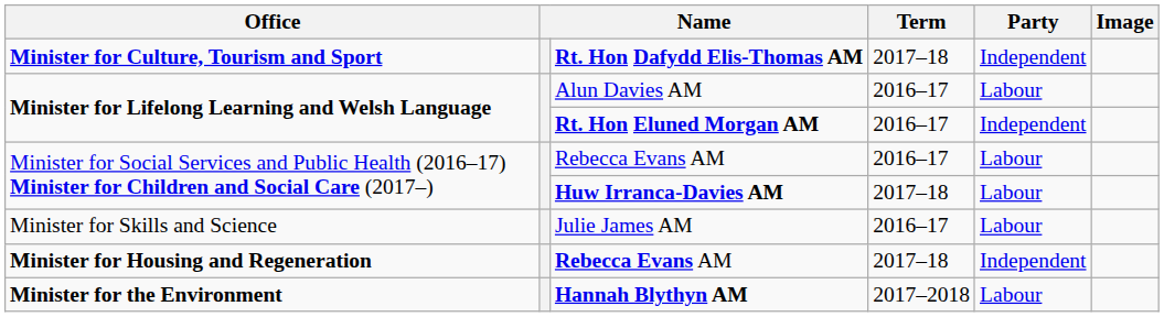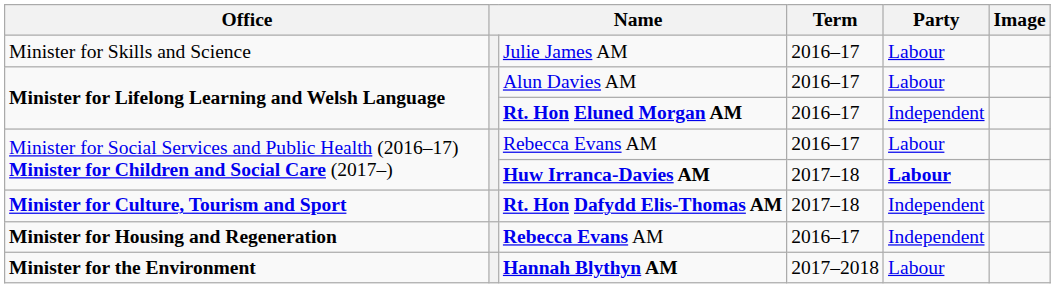 <table class="wikitable">
 <tr>
 <th style="width: 390px">Office</th>
 <th colspan="2">Name</th>
 <th>Term</th>
 <th>Party</th>
 <th>Image</th>
 </tr>
 <tr>
-<td><strong><a href='#'>Minister for Culture, Tourism and Sport</a></strong></td>
+<td>Minister for Skills and Science</td>
 <th style="background-color: "></th>
-<td><strong><a href='#'>Rt. Hon</a> <a href='#'>Dafydd Elis-Thomas</a> AM </strong></td>
-<td>2017–18</td>
-<td><a href='#'>Independent</a></td>
+<td><a href='#'>Julie James</a> AM</td>
+<td>2016–17</td>
+<td><a href='#'>Labour</a></td>
 <td></td>
 </tr>
 <tr>
 <td rowspan="2"><strong>Minister for Lifelong Learning and Welsh Language</strong></td>
 <th rowspan="2" style="background-color: "></th>
 <td><a href='#'>Alun Davies</a> AM</td>
 <td>2016–17</td>
 <td><a href='#'>Labour</a></td>
 <td></td>
 </tr>
 <tr>
 <td><strong><a href='#'>Rt. Hon</a> <a href='#'>Eluned Morgan</a> AM</strong></td>
 <td>2016–17</td>
 <td><a href='#'>Independent</a></td>
 <td></td>
 </tr>
 <tr>
 <td rowspan="2"><a href='#'>Minister for Social Services and Public Health</a> (2016–17)<br><strong><a href='#'>Minister for Children and Social Care</a></strong> (2017–)</td>
 <th rowspan="2" style="background-color: "></th>
 <td><a href='#'>Rebecca Evans</a> AM</td>
 <td>2016–17</td>
 <td><a href='#'>Labour</a></td>
 <td></td>
 </tr>
 <tr>
 <td><strong><a href='#'>Huw Irranca-Davies</a> AM</strong></td>
 <td>2017–18</td>
-<td><a href='#'>Labour</a></td>
+<td><strong><a href='#'>Labour</a></strong></td>
 <td></td>
 </tr>
 <tr>
-<td>Minister for Skills and Science</td>
+<td><strong><a href='#'>Minister for Culture, Tourism and Sport</a></strong></td>
 <th style="background-color: "></th>
-<td><a href='#'>Julie James</a> AM</td>
-<td>2016–17</td>
-<td><a href='#'>Labour</a></td>
+<td><strong><a href='#'>Rt. Hon</a> <a href='#'>Dafydd Elis-Thomas</a> AM </strong></td>
+<td>2017–18</td>
+<td><a href='#'>Independent</a></td>
 <td></td>
 </tr>
 <tr>
 <td><strong>Minister for Housing and Regeneration</strong></td>
 <th style="background-color: "></th>
 <td><strong><a href='#'>Rebecca Evans</a></strong> AM</td>
-<td>2017–18</td>
+<td>2016–17</td>
 <td><a href='#'>Independent</a></td>
 <td></td>
 </tr>
 <tr>
 <td><strong>Minister for the Environment</strong></td>
 <th style="background-color: "></th>
 <td><strong><a href='#'>Hannah Blythyn</a> AM </strong></td>
 <td>2017–2018</td>
 <td><a href='#'>Labour</a></td>
 <td></td>
 </tr>
 </table>
